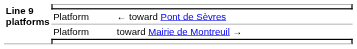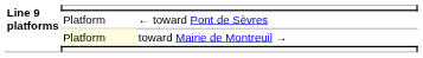 <table border=0 cellspacing=0 cellpadding=3>
 <tr>
 <td style="border-bottom:solid 1px gray;" width=50 rowspan=4 valign=top><strong>Line 9 platforms</strong></td>
 <td style="border-top:solid 1px gray;border-right:solid 2px black;border-left:solid 2px black;border-bottom:solid 2px black;text-align:center;" colspan=2></td>
 </tr>
 <tr>
 <td style="border-bottom:solid 1px gray;" width=100>Platform </td>
 <td style="border-bottom:solid 1px gray;" width=390>←   toward <a href='#'>Pont de Sèvres</a> </td>
 </tr>
 <tr>
-<td>Platform </td>
+<td style="background: lightyellow;">Platform </td>
 <td>   toward <a href='#'>Mairie de Montreuil</a>  →</td>
 </tr>
 <tr>
 <td style="border-top:solid 2px black;border-right:solid 2px black;border-left:solid 2px black;border-bottom:solid 1px gray;text-align:center;" colspan=2></td>
 </tr>
 </table>
